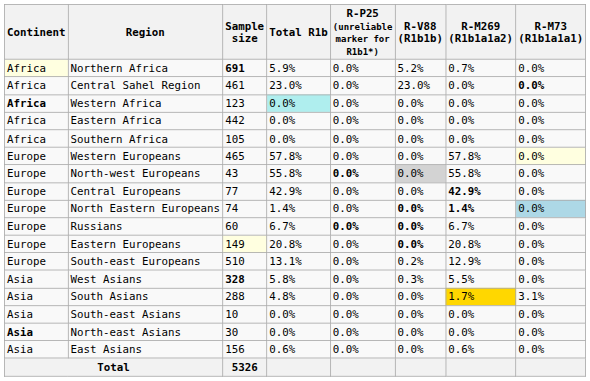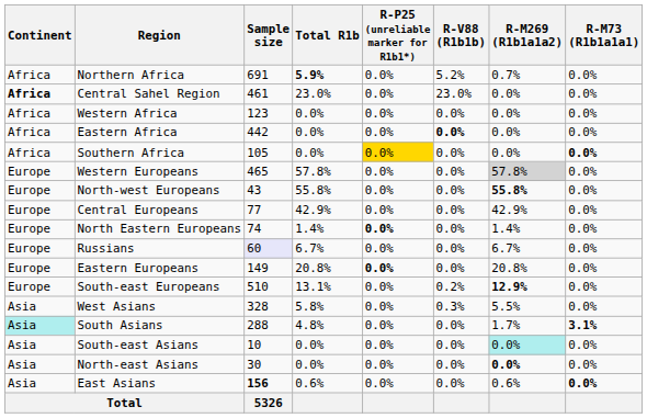 <table class="wikitable sortable">
 <tr>
 <th>Continent</th>
 <th>Region</th>
 <th>Sample<br>size</th>
 <th>Total R1b</th>
 <th>R-P25<br><small>(unreliable<br>marker for<br>R1b1*)</small></th>
 <th>R-V88<br>(R1b1b)</th>
 <th>R-M269<br>(R1b1a1a2)</th>
 <th>R-M73<br>(R1b1a1a1)</th>
 </tr>
 <tr>
-<td style="background: lightyellow;">Africa</td>
+<td>Africa</td>
 <td>Northern Africa</td>
-<td><strong>691</strong></td>
-<td>5.9%</td>
+<td>691</td>
+<td><strong>5.9%</strong></td>
 <td>0.0%</td>
 <td>5.2%</td>
 <td>0.7%</td>
 <td>0.0%</td>
 </tr>
 <tr>
-<td>Africa</td>
+<td><strong>Africa</strong></td>
 <td>Central Sahel Region</td>
 <td>461</td>
 <td>23.0%</td>
 <td>0.0%</td>
 <td>23.0%</td>
 <td>0.0%</td>
-<td><strong>0.0%</strong></td>
+<td>0.0%</td>
 </tr>
 <tr>
-<td><strong>Africa</strong></td>
+<td>Africa</td>
 <td>Western Africa</td>
 <td>123</td>
-<td style="background: paleturquoise;">0.0%</td>
+<td>0.0%</td>
 <td>0.0%</td>
 <td>0.0%</td>
 <td>0.0%</td>
 <td>0.0%</td>
 </tr>
 <tr>
 <td>Africa</td>
 <td>Eastern Africa</td>
 <td>442</td>
 <td>0.0%</td>
 <td>0.0%</td>
-<td>0.0%</td>
+<td><strong>0.0%</strong></td>
 <td>0.0%</td>
 <td>0.0%</td>
 </tr>
 <tr>
 <td>Africa</td>
 <td>Southern Africa</td>
 <td>105</td>
 <td>0.0%</td>
+<td style="background: gold;">0.0%</td>
 <td>0.0%</td>
 <td>0.0%</td>
-<td>0.0%</td>
-<td>0.0%</td>
+<td><strong>0.0%</strong></td>
 </tr>
 <tr>
 <td>Europe</td>
 <td>Western Europeans</td>
 <td>465</td>
 <td>57.8%</td>
 <td>0.0%</td>
 <td>0.0%</td>
-<td>57.8%</td>
-<td style="background: lightyellow;">0.0%</td>
+<td style="background: lightgrey;">57.8%</td>
+<td>0.0%</td>
 </tr>
 <tr>
 <td>Europe</td>
 <td>North-west Europeans</td>
 <td>43</td>
 <td>55.8%</td>
-<td><strong>0.0%</strong></td>
-<td style="background: lightgrey;">0.0%</td>
-<td>55.8%</td>
+<td>0.0%</td>
+<td>0.0%</td>
+<td><strong>55.8%</strong></td>
 <td>0.0%</td>
 </tr>
 <tr>
 <td>Europe</td>
 <td>Central Europeans</td>
 <td>77</td>
 <td>42.9%</td>
 <td>0.0%</td>
 <td>0.0%</td>
-<td><strong>42.9%</strong></td>
+<td>42.9%</td>
 <td>0.0%</td>
 </tr>
 <tr>
 <td>Europe</td>
 <td>North Eastern Europeans</td>
 <td>74</td>
 <td>1.4%</td>
+<td><strong>0.0%</strong></td>
 <td>0.0%</td>
-<td><strong>0.0%</strong></td>
-<td><strong>1.4%</strong></td>
-<td style="background: lightblue;">0.0%</td>
+<td>1.4%</td>
+<td>0.0%</td>
 </tr>
 <tr>
 <td>Europe</td>
 <td>Russians</td>
-<td>60</td>
+<td style="background: lavender;">60</td>
 <td>6.7%</td>
-<td><strong>0.0%</strong></td>
-<td><strong>0.0%</strong></td>
+<td>0.0%</td>
+<td>0.0%</td>
 <td>6.7%</td>
 <td>0.0%</td>
 </tr>
 <tr>
 <td>Europe</td>
 <td>Eastern Europeans</td>
-<td style="background: lightyellow;">149</td>
+<td>149</td>
 <td>20.8%</td>
+<td><strong>0.0%</strong></td>
 <td>0.0%</td>
-<td><strong>0.0%</strong></td>
 <td>20.8%</td>
 <td>0.0%</td>
 </tr>
 <tr>
 <td>Europe</td>
 <td>South-east Europeans</td>
 <td>510</td>
 <td>13.1%</td>
 <td>0.0%</td>
 <td>0.2%</td>
-<td>12.9%</td>
+<td><strong>12.9%</strong></td>
 <td>0.0%</td>
 </tr>
 <tr>
 <td>Asia</td>
 <td>West Asians</td>
-<td><strong>328</strong></td>
+<td>328</td>
 <td>5.8%</td>
 <td>0.0%</td>
 <td>0.3%</td>
 <td>5.5%</td>
 <td>0.0%</td>
 </tr>
 <tr>
-<td>Asia</td>
+<td style="background: paleturquoise;">Asia</td>
 <td>South Asians</td>
 <td>288</td>
 <td>4.8%</td>
 <td>0.0%</td>
 <td>0.0%</td>
-<td style="background: gold;">1.7%</td>
-<td>3.1%</td>
+<td>1.7%</td>
+<td><strong>3.1%</strong></td>
 </tr>
 <tr>
 <td>Asia</td>
 <td>South-east Asians</td>
 <td>10</td>
 <td>0.0%</td>
 <td>0.0%</td>
 <td>0.0%</td>
-<td>0.0%</td>
+<td style="background: paleturquoise;">0.0%</td>
 <td>0.0%</td>
 </tr>
 <tr>
-<td><strong>Asia</strong></td>
+<td>Asia</td>
 <td>North-east Asians</td>
 <td>30</td>
 <td>0.0%</td>
 <td>0.0%</td>
 <td>0.0%</td>
-<td>0.0%</td>
+<td><strong>0.0%</strong></td>
 <td>0.0%</td>
 </tr>
 <tr>
 <td>Asia</td>
 <td>East Asians</td>
-<td>156</td>
+<td><strong>156</strong></td>
 <td>0.6%</td>
 <td>0.0%</td>
 <td>0.0%</td>
 <td>0.6%</td>
-<td>0.0%</td>
+<td><strong>0.0%</strong></td>
 </tr>
 <tr>
 <th colspan=2>Total</th>
 <th>5326</th>
 <th></th>
 <th></th>
 <th></th>
 <th></th>
 <th></th>
 </tr>
 </table>
